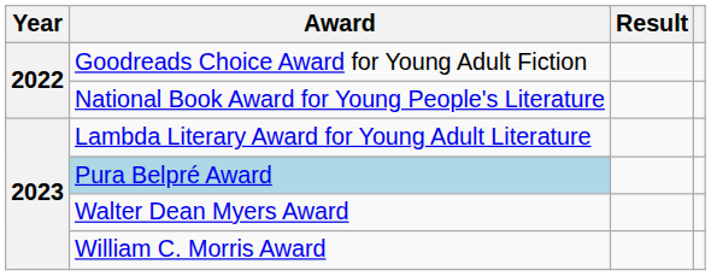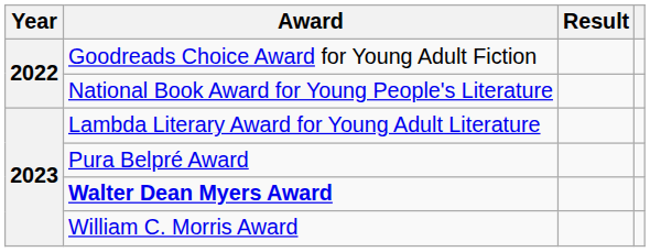 <table class="wikitable sortable">
 <tr>
 <th scope="col">Year</th>
 <th scope="col">Award</th>
 <th scope="col">Result</th>
 <th scope="col"></th>
 </tr>
 <tr>
 <th rowspan="2">2022</th>
 <td><a href='#'>Goodreads Choice Award</a> for Young Adult Fiction</td>
 <td></td>
 <td></td>
 </tr>
 <tr>
 <td><a href='#'>National Book Award for Young People's Literature</a></td>
 <td></td>
 <td></td>
 </tr>
 <tr>
 <th rowspan="4">2023</th>
 <td><a href='#'>Lambda Literary Award for Young Adult Literature</a></td>
 <td></td>
 <td></td>
 </tr>
 <tr>
-<td style="background: lightblue;"><a href='#'>Pura Belpré Award</a></td>
+<td><a href='#'>Pura Belpré Award</a></td>
 <td></td>
 <td></td>
 </tr>
 <tr>
-<td><a href='#'>Walter Dean Myers Award</a></td>
+<td><strong><a href='#'>Walter Dean Myers Award</a></strong></td>
 <td></td>
 <td></td>
 </tr>
 <tr>
 <td><a href='#'>William C. Morris Award</a></td>
 <td></td>
 <td></td>
 </tr>
 </table>
